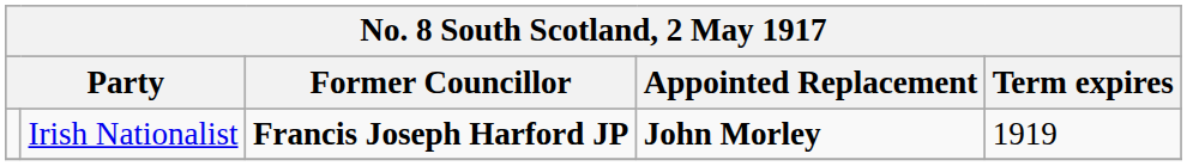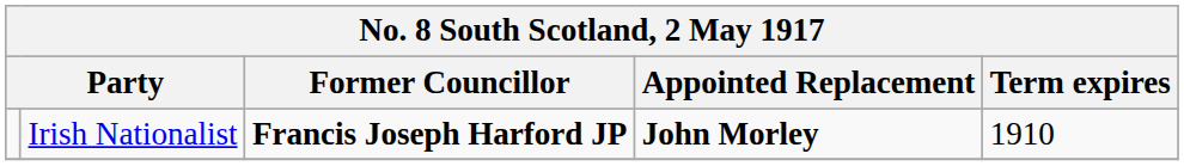 <table class="wikitable">
 <tr>
 <th colspan="5"><strong>No. 8 South Scotland, 2 May 1917</strong></th>
 </tr>
 <tr>
 <th colspan="2">Party</th>
 <th>Former Councillor</th>
 <th>Appointed Replacement</th>
 <th>Term expires</th>
 </tr>
 <tr>
 <td style="background-color:"></td>
 <td><a href='#'>Irish Nationalist</a></td>
 <td><strong>Francis Joseph Harford JP</strong></td>
 <td><strong>John Morley</strong></td>
-<td>1919</td>
+<td>1910</td>
 </tr>
 <tr>
 </tr>
 </table>
